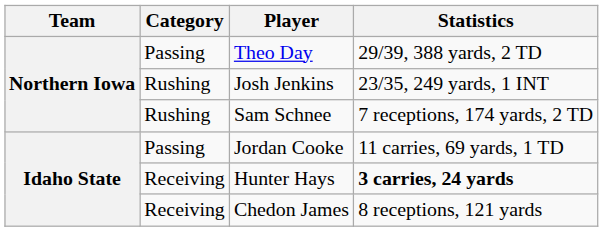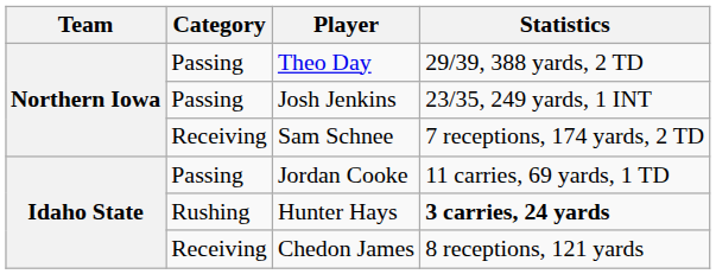 <table class="wikitable" style="float:right">
 <tr>
 <th>Team</th>
 <th>Category</th>
 <th>Player</th>
 <th>Statistics</th>
 </tr>
 <tr>
 <th rowspan=3>Northern Iowa</th>
 <td>Passing</td>
 <td><a href='#'>Theo Day</a></td>
 <td>29/39, 388 yards, 2 TD</td>
 </tr>
 <tr>
-<td>Rushing</td>
+<td>Passing</td>
 <td>Josh Jenkins</td>
 <td>23/35, 249 yards, 1 INT</td>
 </tr>
 <tr>
-<td>Rushing</td>
+<td>Receiving</td>
 <td>Sam Schnee</td>
 <td>7 receptions, 174 yards, 2 TD</td>
 </tr>
 <tr>
 <th rowspan=3>Idaho State</th>
 <td>Passing</td>
 <td>Jordan Cooke</td>
 <td>11 carries, 69 yards, 1 TD</td>
 </tr>
 <tr>
-<td>Receiving</td>
+<td>Rushing</td>
 <td>Hunter Hays</td>
 <td><strong>3 carries, 24 yards</strong></td>
 </tr>
 <tr>
 <td>Receiving</td>
 <td>Chedon James</td>
 <td>8 receptions, 121 yards</td>
 </tr>
 </table>
